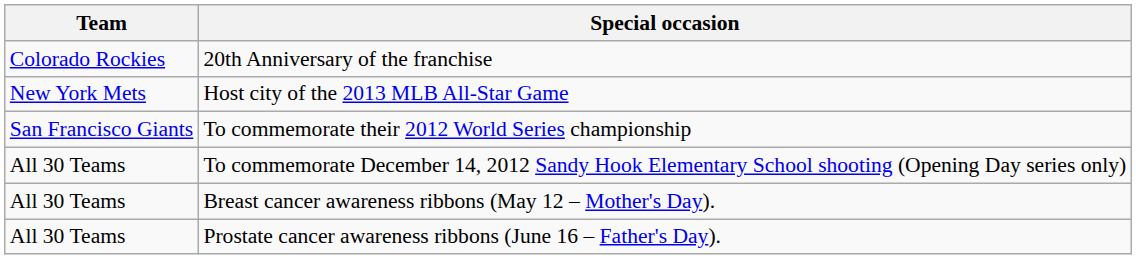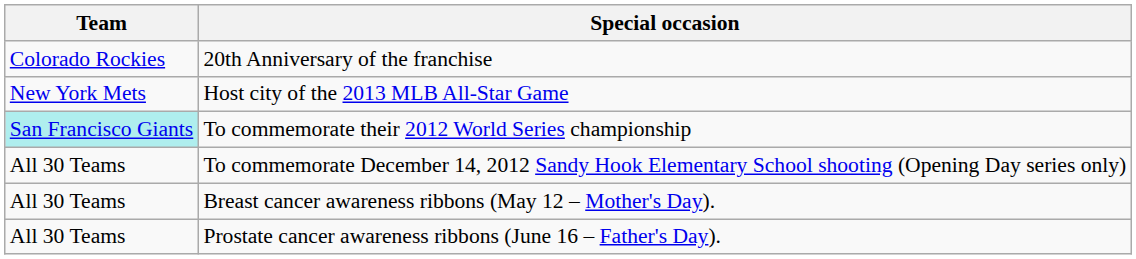 <table class="wikitable" style="font-size:90%;">
 <tr>
 <th>Team</th>
 <th>Special occasion</th>
 </tr>
 <tr>
 <td><a href='#'>Colorado Rockies</a></td>
 <td>20th Anniversary of the franchise</td>
 </tr>
 <tr>
 <td><a href='#'>New York Mets</a></td>
 <td>Host city of the <a href='#'>2013 MLB All-Star Game</a></td>
 </tr>
 <tr>
-<td><a href='#'>San Francisco Giants</a></td>
+<td style="background: paleturquoise;"><a href='#'>San Francisco Giants</a></td>
 <td>To commemorate their <a href='#'>2012 World Series</a> championship</td>
 </tr>
 <tr>
 <td>All 30 Teams</td>
 <td>To commemorate December 14, 2012 <a href='#'>Sandy Hook Elementary School shooting</a> (Opening Day series only)</td>
 </tr>
 <tr>
 <td>All 30 Teams</td>
 <td>Breast cancer awareness ribbons (May 12 – <a href='#'>Mother's Day</a>).</td>
 </tr>
 <tr>
 <td>All 30 Teams</td>
 <td>Prostate cancer awareness ribbons (June 16 – <a href='#'>Father's Day</a>).</td>
 </tr>
 </table>
